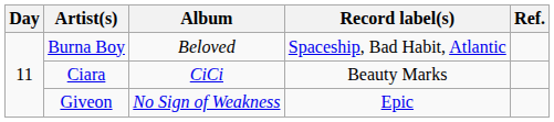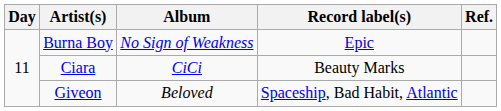 <table class="wikitable" style="text-align:center;">
 <tr>
 <th scope="col">Day</th>
 <th scope="col">Artist(s)</th>
 <th scope="col">Album</th>
 <th scope="col">Record label(s)</th>
 <th scope="col">Ref.</th>
 </tr>
 <tr>
 <td rowspan="3">11</td>
 <td><a href='#'>Burna Boy</a></td>
-<td><em>Beloved</em></td>
-<td><a href='#'>Spaceship</a>, Bad Habit, <a href='#'>Atlantic</a></td>
+<td><em><a href='#'>No Sign of Weakness</a></em></td>
+<td><a href='#'>Epic</a></td>
 <td></td>
 </tr>
 <tr>
 <td><a href='#'>Ciara</a></td>
 <td><em><a href='#'>CiCi</a></em></td>
 <td>Beauty Marks</td>
 <td></td>
 </tr>
 <tr>
 <td><a href='#'>Giveon</a></td>
-<td><em><a href='#'>No Sign of Weakness</a></em></td>
-<td><a href='#'>Epic</a></td>
+<td><em>Beloved</em></td>
+<td><a href='#'>Spaceship</a>, Bad Habit, <a href='#'>Atlantic</a></td>
 <td></td>
 </tr>
 </table>
